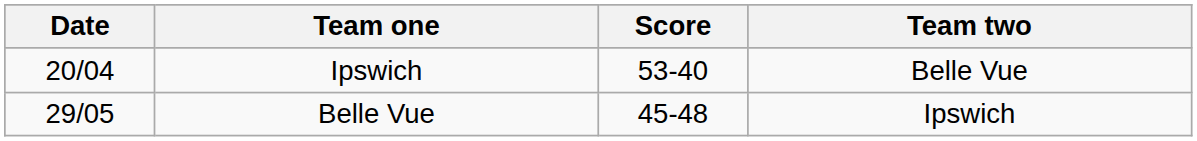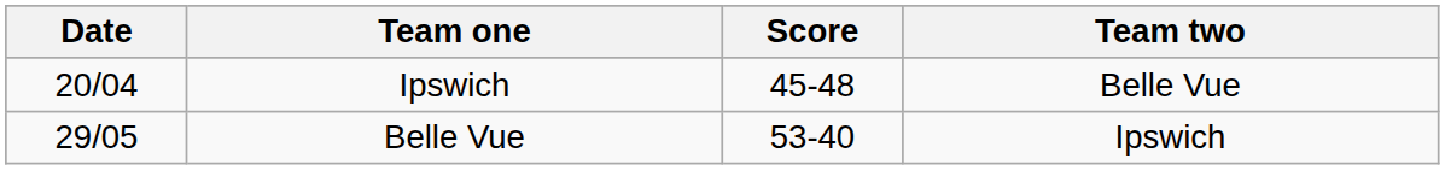 <table class="wikitable" style="text-align: center">
 <tr>
 <th width=80>Date</th>
 <th width=250>Team one</th>
 <th width=80>Score</th>
 <th width=250>Team two</th>
 </tr>
 <tr>
 <td>20/04</td>
 <td>Ipswich</td>
-<td>53-40</td>
+<td>45-48</td>
 <td>Belle Vue</td>
 </tr>
 <tr>
 <td>29/05</td>
 <td>Belle Vue</td>
-<td>45-48</td>
+<td>53-40</td>
 <td>Ipswich</td>
 </tr>
 </table>
